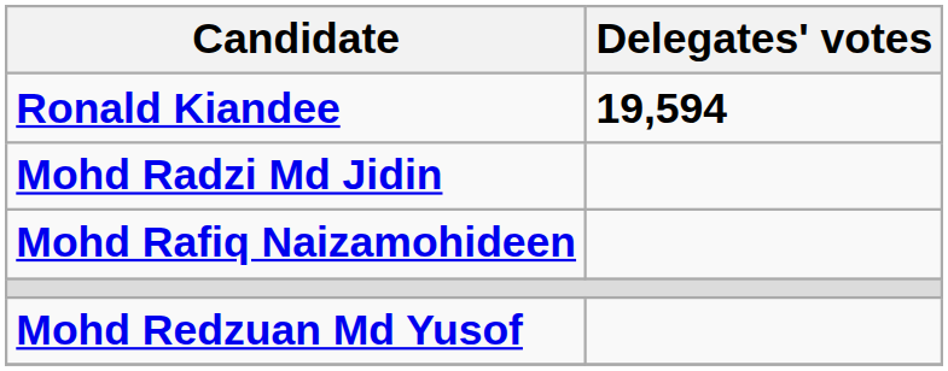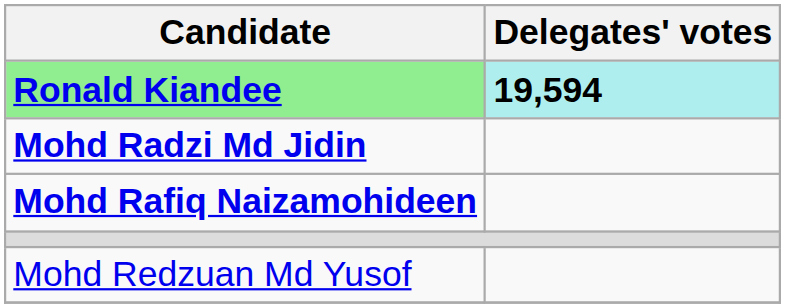 <table class="wikitable">
 <tr>
 <th>Candidate</th>
 <th>Delegates' votes</th>
 </tr>
 <tr>
-<td><strong><a href='#'>Ronald Kiandee</a></strong></td>
-<td colspan="1"><strong>19,594</strong></td>
+<td style="background: lightgreen;"><strong><a href='#'>Ronald Kiandee</a></strong></td>
+<td colspan="1" style="background: paleturquoise;"><strong>19,594</strong></td>
 </tr>
 <tr>
 <td><strong><a href='#'>Mohd Radzi Md Jidin</a></strong></td>
 <td colspan="1"></td>
 </tr>
 <tr>
 <td><strong><a href='#'>Mohd Rafiq Naizamohideen</a></strong></td>
 <td colspan="1"></td>
 </tr>
 <tr>
 <td colspan="3" bgcolor="dcdcdc"></td>
 </tr>
 <tr>
-<td><strong><a href='#'>Mohd Redzuan Md Yusof</a></strong></td>
+<td><a href='#'>Mohd Redzuan Md Yusof</a></td>
 <td colspan="1"></td>
 </tr>
 <tr>
 </tr>
 </table>
